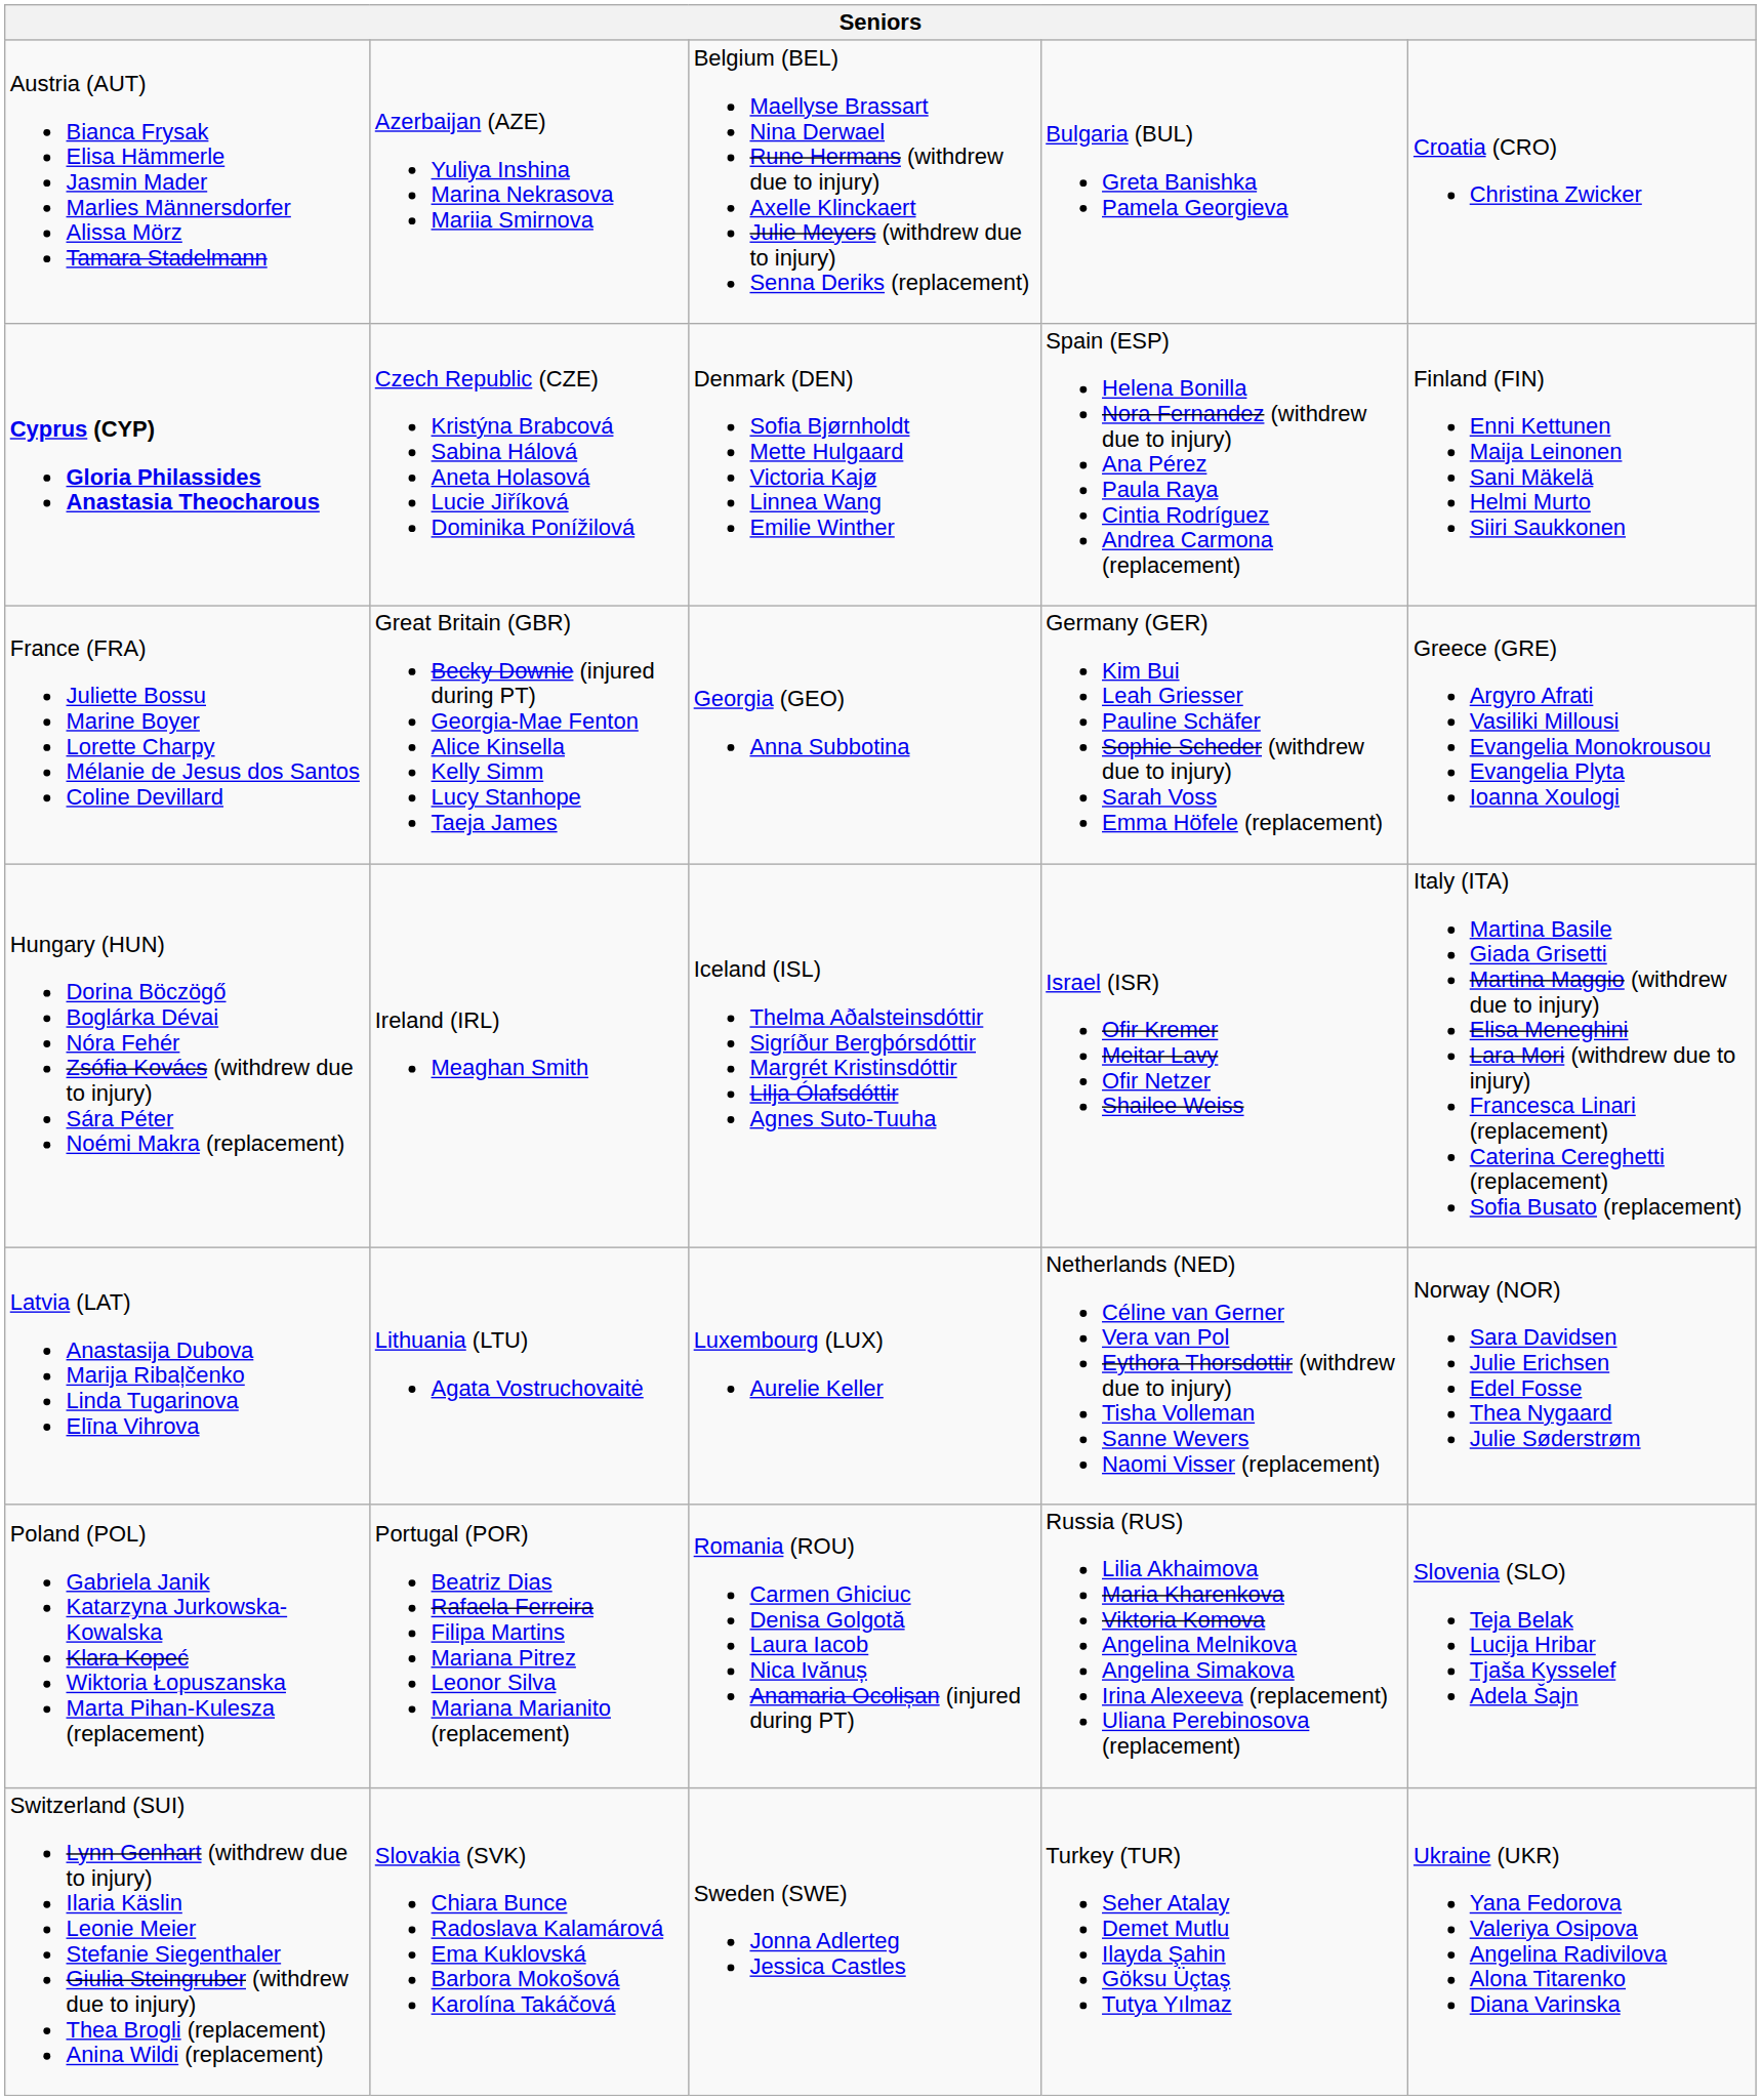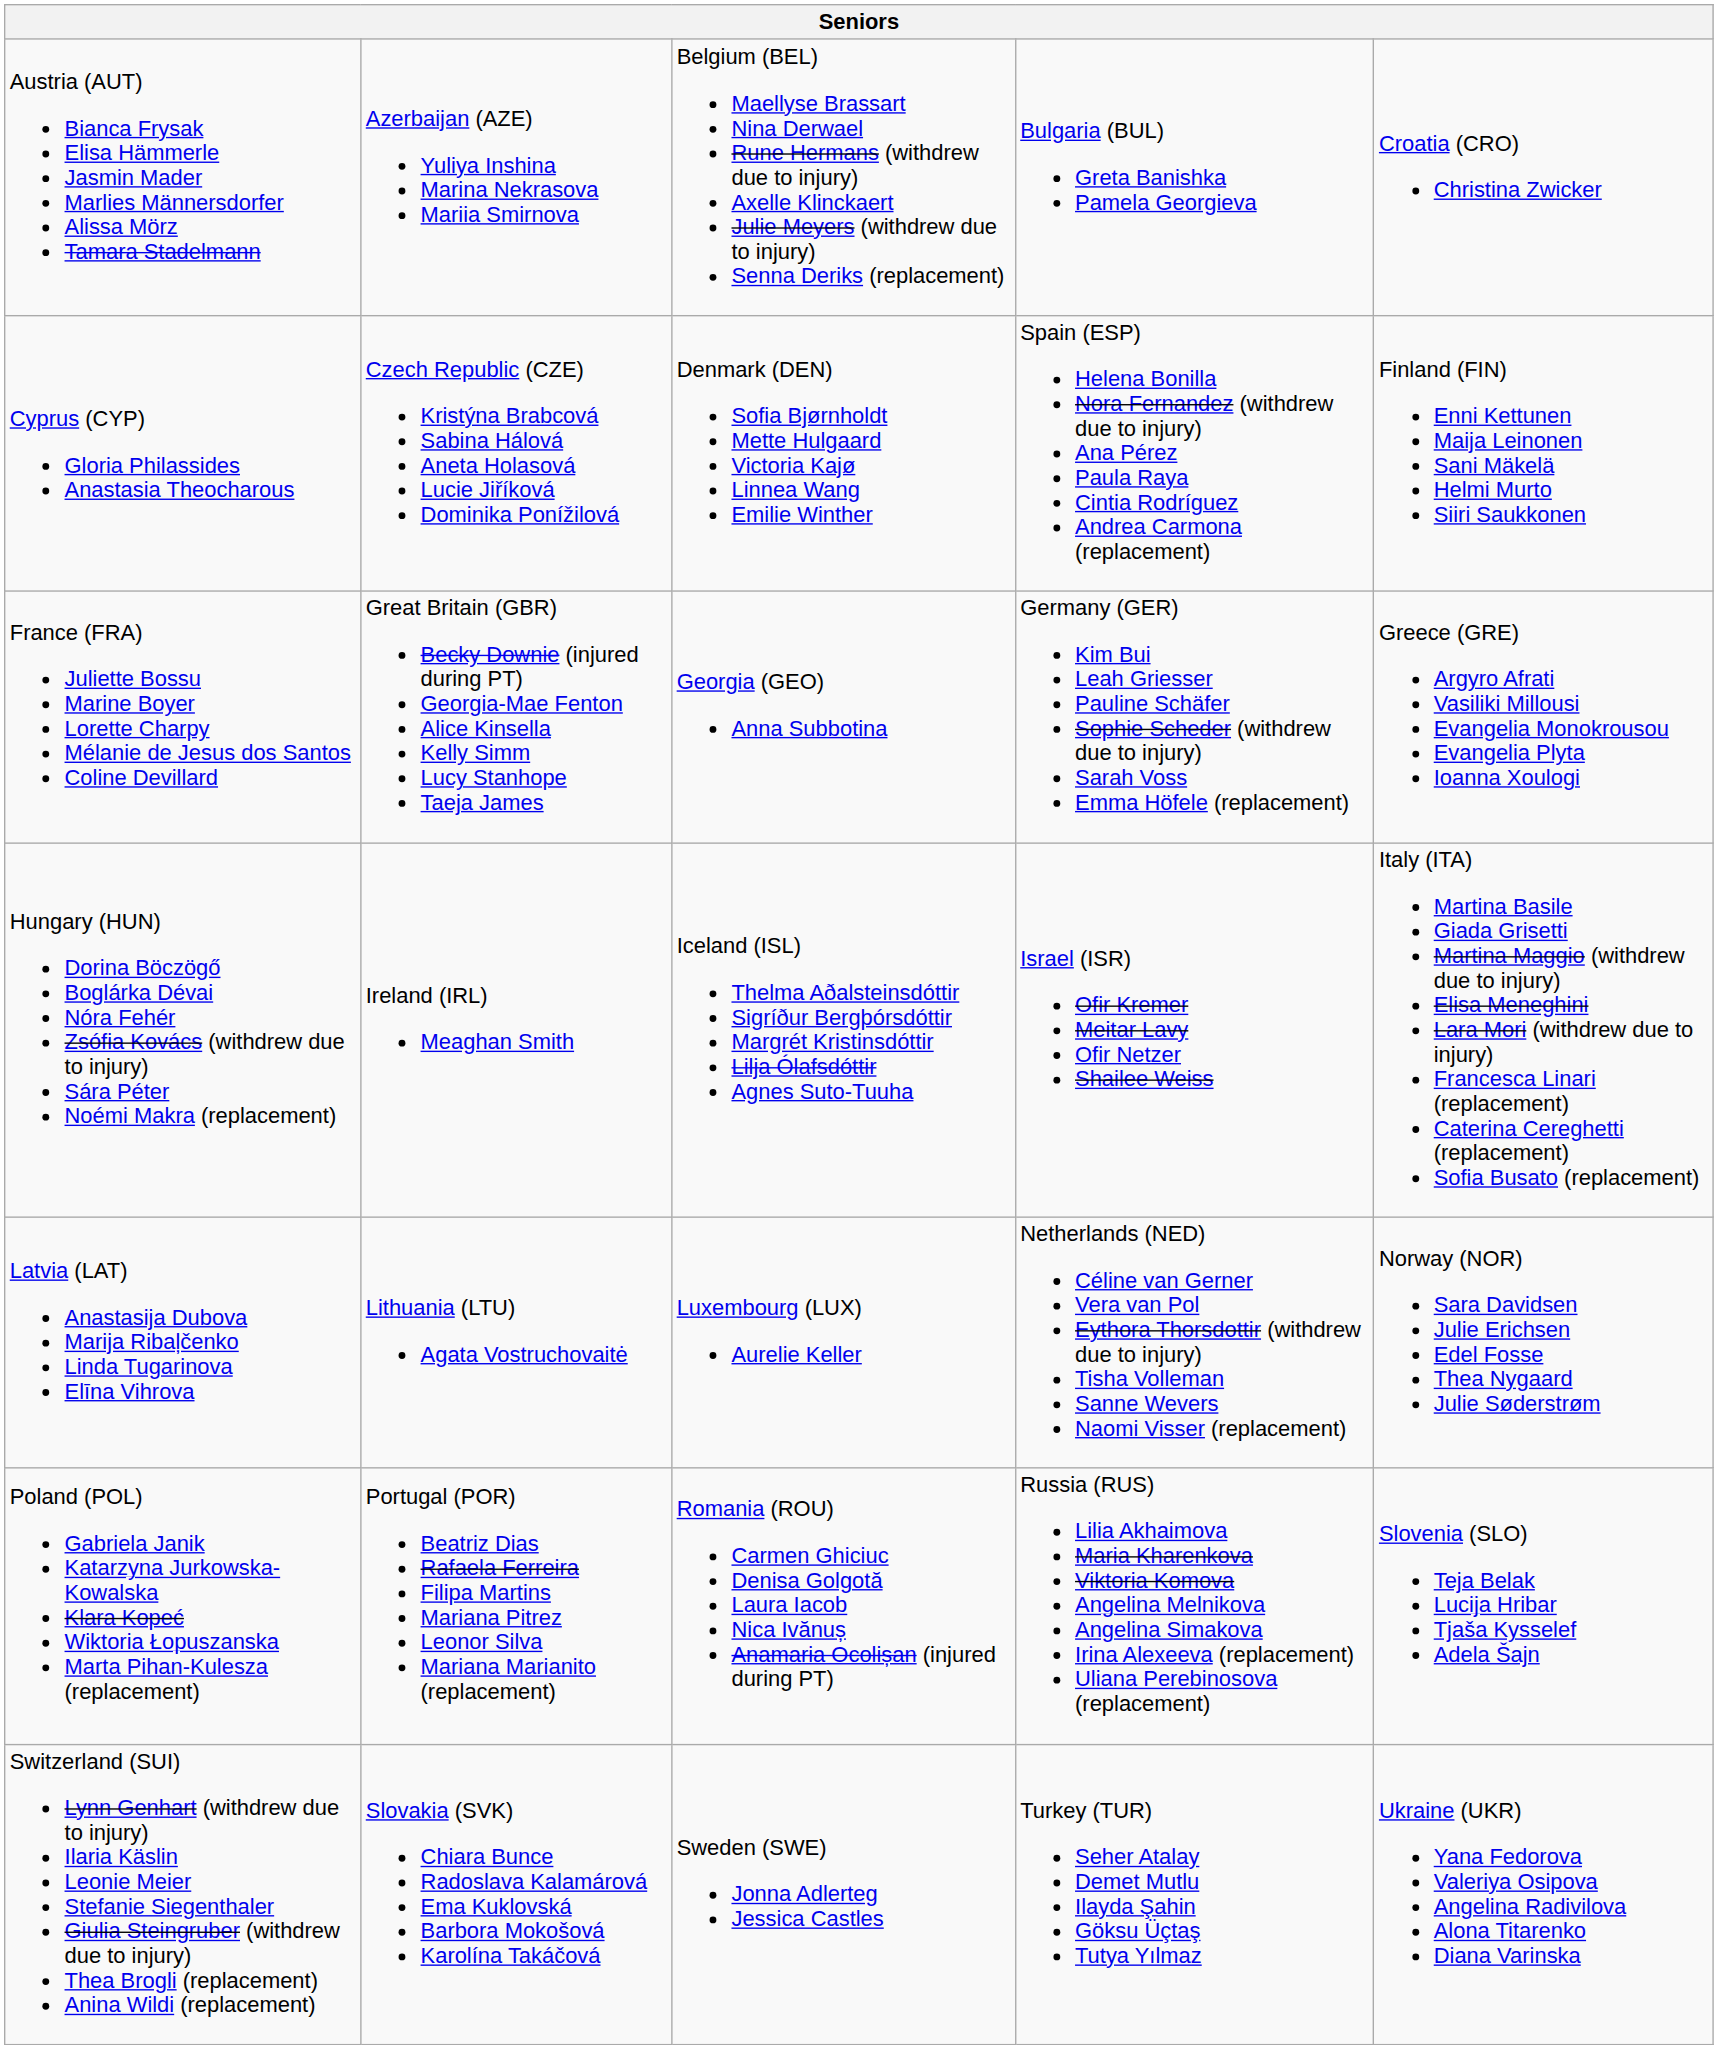 <table class="wikitable">
 <tr>
 <th colspan="5">Seniors</th>
 </tr>
 <tr>
 <td> Austria (AUT)<br><ul><li><a href='#'>Bianca Frysak</a></li><li><a href='#'>Elisa Hämmerle</a></li><li><a href='#'>Jasmin Mader</a></li><li><a href='#'>Marlies Männersdorfer</a></li><li><a href='#'>Alissa Mörz</a></li><li><a href='#'><s>Tamara Stadelmann</s></a></li></ul></td>
 <td> <a href='#'>Azerbaijan</a> (AZE)<br><ul><li><a href='#'>Yuliya Inshina</a></li><li><a href='#'>Marina Nekrasova</a></li><li><a href='#'>Mariia Smirnova</a></li></ul></td>
 <td> Belgium (BEL)<br><ul><li><a href='#'>Maellyse Brassart</a></li><li><a href='#'>Nina Derwael</a></li><li><s><a href='#'>Rune Hermans</a></s> (withdrew due to injury)</li><li><a href='#'>Axelle Klinckaert</a></li><li><s><a href='#'>Julie Meyers</a></s> (withdrew due to injury)</li><li><a href='#'>Senna Deriks</a> (replacement)</li></ul></td>
 <td> <a href='#'>Bulgaria</a> (BUL)<br><ul><li><a href='#'>Greta Banishka</a></li><li><a href='#'>Pamela Georgieva</a></li></ul></td>
 <td> <a href='#'>Croatia</a> (CRO)<br><ul><li><a href='#'>Christina Zwicker</a></li></ul></td>
 </tr>
 <tr>
-<td><strong><br> <a href='#'>Cyprus</a> (CYP)<ul><li><a href='#'>Gloria Philassides</a></li><li><a href='#'>Anastasia Theocharous</a></li></ul></strong></td>
+<td><br> <a href='#'>Cyprus</a> (CYP)<ul><li><a href='#'>Gloria Philassides</a></li><li><a href='#'>Anastasia Theocharous</a></li></ul></td>
 <td> <a href='#'>Czech Republic</a> (CZE)<br><ul><li><a href='#'>Kristýna Brabcová</a></li><li><a href='#'>Sabina Hálová</a></li><li><a href='#'>Aneta Holasová</a></li><li><a href='#'>Lucie Jiříková</a></li><li><a href='#'>Dominika Ponížilová</a></li></ul></td>
 <td> Denmark (DEN)<br><ul><li><a href='#'>Sofia Bjørnholdt</a></li><li><a href='#'>Mette Hulgaard</a></li><li><a href='#'>Victoria Kajø</a></li><li><a href='#'>Linnea Wang</a></li><li><a href='#'>Emilie Winther</a></li></ul></td>
 <td> Spain (ESP)<br><ul><li><a href='#'>Helena Bonilla</a></li><li><s><a href='#'>Nora Fernandez</a></s> (withdrew due to injury)</li><li><a href='#'>Ana Pérez</a></li><li><a href='#'>Paula Raya</a></li><li><a href='#'>Cintia Rodríguez</a></li><li><a href='#'>Andrea Carmona</a> (replacement)</li></ul></td>
 <td> Finland (FIN)<br><ul><li><a href='#'>Enni Kettunen</a></li><li><a href='#'>Maija Leinonen</a></li><li><a href='#'>Sani Mäkelä</a></li><li><a href='#'>Helmi Murto</a></li><li><a href='#'>Siiri Saukkonen</a></li></ul></td>
 </tr>
 <tr>
 <td> France (FRA)<br><ul><li><a href='#'>Juliette Bossu</a></li><li><a href='#'>Marine Boyer</a></li><li><a href='#'>Lorette Charpy</a></li><li><a href='#'>Mélanie de Jesus dos Santos</a></li><li><a href='#'>Coline Devillard</a></li></ul></td>
 <td> Great Britain (GBR)<br><ul><li><a href='#'><s>Becky Downie</s></a> (injured during PT)</li><li><a href='#'>Georgia-Mae Fenton</a></li><li><a href='#'>Alice Kinsella</a></li><li><a href='#'>Kelly Simm</a></li><li><a href='#'>Lucy Stanhope</a></li><li><a href='#'>Taeja James</a></li></ul></td>
 <td> <a href='#'>Georgia</a> (GEO)<br><ul><li><a href='#'>Anna Subbotina</a></li></ul></td>
 <td> Germany (GER)<br><ul><li><a href='#'>Kim Bui</a></li><li><a href='#'>Leah Griesser</a></li><li><a href='#'>Pauline Schäfer</a></li><li><s><a href='#'>Sophie Scheder</a></s> (withdrew due to injury)</li><li><a href='#'>Sarah Voss</a></li><li><a href='#'>Emma Höfele</a> (replacement)</li></ul></td>
 <td> Greece (GRE)<br><ul><li><a href='#'>Argyro Afrati</a></li><li><a href='#'>Vasiliki Millousi</a></li><li><a href='#'>Evangelia Monokrousou</a></li><li><a href='#'>Evangelia Plyta</a></li><li><a href='#'>Ioanna Xoulogi</a></li></ul></td>
 </tr>
 <tr>
 <td> Hungary (HUN)<br><ul><li><a href='#'>Dorina Böczögő</a></li><li><a href='#'>Boglárka Dévai</a></li><li><a href='#'>Nóra Fehér</a></li><li><s><a href='#'>Zsófia Kovács</a></s> (withdrew due to injury)</li><li><a href='#'>Sára Péter</a></li><li><a href='#'>Noémi Makra</a> (replacement)</li></ul></td>
 <td> Ireland (IRL)<br><ul><li><a href='#'>Meaghan Smith</a></li></ul></td>
 <td> Iceland (ISL)<br><ul><li><a href='#'>Thelma Aðalsteinsdóttir</a></li><li><a href='#'>Sigríður Bergþórsdóttir</a></li><li><a href='#'>Margrét Kristinsdóttir</a></li><li><a href='#'><s>Lilja Ólafsdóttir</s></a></li><li><a href='#'>Agnes Suto-Tuuha</a></li></ul></td>
 <td> <a href='#'>Israel</a> (ISR)<br><ul><li><s><a href='#'>Ofir Kremer</a></s></li><li><s><a href='#'>Meitar Lavy</a></s></li><li><a href='#'>Ofir Netzer</a></li><li><s><a href='#'>Shailee Weiss</a></s></li></ul></td>
 <td> Italy (ITA)<br><ul><li><a href='#'>Martina Basile</a></li><li><a href='#'>Giada Grisetti</a></li><li><s><a href='#'>Martina Maggio</a></s> (withdrew due to injury)</li><li><s><a href='#'>Elisa Meneghini</a></s></li><li><s><a href='#'>Lara Mori</a></s> (withdrew due to injury)</li><li><a href='#'>Francesca Linari</a> (replacement)</li><li><a href='#'>Caterina Cereghetti</a> (replacement)</li><li><a href='#'>Sofia Busato</a> (replacement)</li></ul></td>
 </tr>
 <tr>
 <td> <a href='#'>Latvia</a> (LAT)<br><ul><li><a href='#'>Anastasija Dubova</a></li><li><a href='#'>Marija Ribaļčenko</a></li><li><a href='#'>Linda Tugarinova</a></li><li><a href='#'>Elīna Vihrova</a></li></ul></td>
 <td> <a href='#'>Lithuania</a> (LTU)<br><ul><li><a href='#'>Agata Vostruchovaitė</a></li></ul></td>
 <td> <a href='#'>Luxembourg</a> (LUX)<br><ul><li><a href='#'>Aurelie Keller</a></li></ul></td>
 <td> Netherlands (NED)<br><ul><li><a href='#'>Céline van Gerner</a></li><li><a href='#'>Vera van Pol</a></li><li><s><a href='#'>Eythora Thorsdottir</a></s> (withdrew due to injury)</li><li><a href='#'>Tisha Volleman</a></li><li><a href='#'>Sanne Wevers</a></li><li><a href='#'>Naomi Visser</a> (replacement)</li></ul></td>
 <td> Norway (NOR)<br><ul><li><a href='#'>Sara Davidsen</a></li><li><a href='#'>Julie Erichsen</a></li><li><a href='#'>Edel Fosse</a></li><li><a href='#'>Thea Nygaard</a></li><li><a href='#'>Julie Søderstrøm</a></li></ul></td>
 </tr>
 <tr>
 <td> Poland (POL)<br><ul><li><a href='#'>Gabriela Janik</a></li><li><a href='#'>Katarzyna Jurkowska-Kowalska</a></li><li><s><a href='#'>Klara Kopeć</a></s></li><li><a href='#'>Wiktoria Łopuszanska</a></li><li><a href='#'>Marta Pihan-Kulesza</a> (replacement)</li></ul></td>
 <td> Portugal (POR)<br><ul><li><a href='#'>Beatriz Dias</a></li><li><s><a href='#'>Rafaela Ferreira</a></s></li><li><a href='#'>Filipa Martins</a></li><li><a href='#'>Mariana Pitrez</a></li><li><a href='#'>Leonor Silva</a></li><li><a href='#'>Mariana Marianito</a> (replacement)</li></ul></td>
 <td> <a href='#'>Romania</a> (ROU)<br><ul><li><a href='#'>Carmen Ghiciuc</a></li><li><a href='#'>Denisa Golgotă</a></li><li><a href='#'>Laura Iacob</a></li><li><a href='#'>Nica Ivănuș</a></li><li><a href='#'><s>Anamaria Ocolișan</s></a> (injured during PT)</li></ul></td>
 <td> Russia (RUS)<br><ul><li><a href='#'>Lilia Akhaimova</a></li><li><s><a href='#'>Maria Kharenkova</a></s></li><li><s><a href='#'>Viktoria Komova</a></s></li><li><a href='#'>Angelina Melnikova</a></li><li><a href='#'>Angelina Simakova</a></li><li><a href='#'>Irina Alexeeva</a> (replacement)</li><li><a href='#'>Uliana Perebinosova</a> (replacement)</li></ul></td>
 <td> <a href='#'>Slovenia</a> (SLO)<br><ul><li><a href='#'>Teja Belak</a></li><li><a href='#'>Lucija Hribar</a></li><li><a href='#'>Tjaša Kysselef</a></li><li><a href='#'>Adela Šajn</a></li></ul></td>
 </tr>
 <tr>
 <td> Switzerland (SUI)<br><ul><li><s><a href='#'>Lynn Genhart</a></s> (withdrew due to injury)</li><li><a href='#'>Ilaria Käslin</a></li><li><a href='#'>Leonie Meier</a></li><li><a href='#'>Stefanie Siegenthaler</a></li><li><s><a href='#'>Giulia Steingruber</a></s> (withdrew due to injury)</li><li><a href='#'>Thea Brogli</a> (replacement)</li><li><a href='#'>Anina Wildi</a> (replacement)</li></ul></td>
 <td> <a href='#'>Slovakia</a> (SVK)<br><ul><li><a href='#'>Chiara Bunce</a></li><li><a href='#'>Radoslava Kalamárová</a></li><li><a href='#'>Ema Kuklovská</a></li><li><a href='#'>Barbora Mokošová</a></li><li><a href='#'>Karolína Takáčová</a></li></ul></td>
 <td> Sweden (SWE)<br><ul><li><a href='#'>Jonna Adlerteg</a></li><li><a href='#'>Jessica Castles</a></li></ul></td>
 <td> Turkey (TUR)<br><ul><li><a href='#'>Seher Atalay</a></li><li><a href='#'>Demet Mutlu</a></li><li><a href='#'>Ilayda Şahin</a></li><li><a href='#'>Göksu Üçtaş</a></li><li><a href='#'>Tutya Yılmaz</a></li></ul></td>
 <td> <a href='#'>Ukraine</a> (UKR)<br><ul><li><a href='#'>Yana Fedorova</a></li><li><a href='#'>Valeriya Osipova</a></li><li><a href='#'>Angelina Radivilova</a></li><li><a href='#'>Alona Titarenko</a></li><li><a href='#'>Diana Varinska</a></li></ul></td>
 </tr>
 </table>
